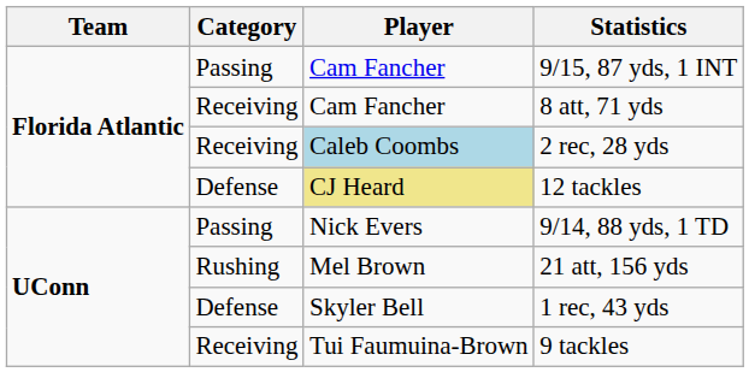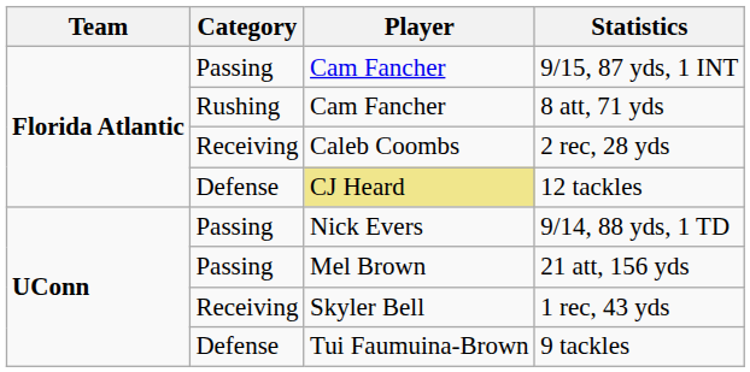 <table class="wikitable" style="float: right;">
 <tr>
 <th>Team</th>
 <th>Category</th>
 <th>Player</th>
 <th>Statistics</th>
 </tr>
 <tr>
 <td rowspan=4><strong>Florida Atlantic</strong></td>
 <td>Passing</td>
 <td><a href='#'>Cam Fancher</a></td>
 <td>9/15, 87 yds, 1 INT</td>
 </tr>
 <tr>
-<td>Receiving</td>
+<td>Rushing</td>
 <td>Cam Fancher</td>
 <td>8 att, 71 yds</td>
 </tr>
 <tr>
 <td>Receiving</td>
-<td style="background: lightblue;">Caleb Coombs</td>
+<td>Caleb Coombs</td>
 <td>2 rec, 28 yds</td>
 </tr>
 <tr>
 <td>Defense</td>
 <td style="background: khaki;">CJ Heard</td>
 <td>12 tackles</td>
 </tr>
 <tr>
 <td rowspan=4><strong>UConn</strong></td>
 <td>Passing</td>
 <td>Nick Evers</td>
 <td>9/14, 88 yds, 1 TD</td>
 </tr>
 <tr>
-<td>Rushing</td>
+<td>Passing</td>
 <td>Mel Brown</td>
 <td>21 att, 156 yds</td>
 </tr>
 <tr>
-<td>Defense</td>
+<td>Receiving</td>
 <td>Skyler Bell</td>
 <td>1 rec, 43 yds</td>
 </tr>
 <tr>
-<td>Receiving</td>
+<td>Defense</td>
 <td>Tui Faumuina-Brown</td>
 <td>9 tackles</td>
 </tr>
 </table>
